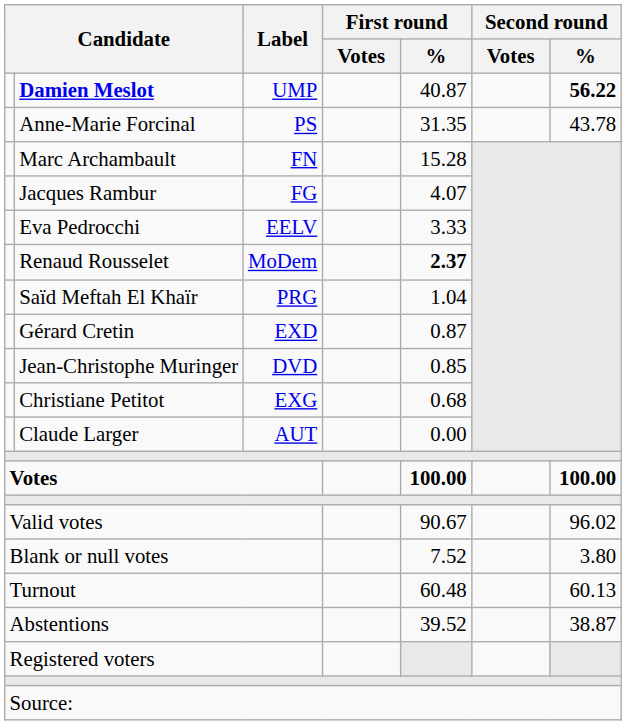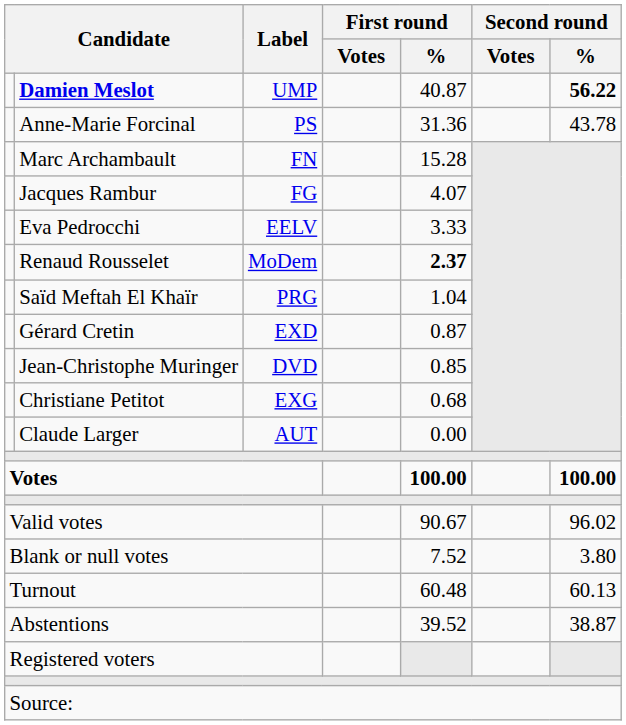 <table class="wikitable" style="text-align:right;font-size:95%;">
 <tr>
 <th rowspan="2" colspan="2">Candidate</th>
 <th rowspan="2">Label</th>
 <th colspan="2">First round</th>
 <th colspan="2">Second round</th>
 </tr>
 <tr>
 <th style="width:50px;">Votes</th>
 <th style="width:45px;">%</th>
 <th style="width:50px;">Votes</th>
 <th style="width:45px;">%</th>
 </tr>
 <tr>
 <td style="color:inherit;background:"></td>
 <td style="text-align:left;"><strong><a href='#'>Damien Meslot</a></strong></td>
 <td><a href='#'>UMP</a></td>
 <td></td>
 <td>40.87</td>
 <td><strong></strong></td>
 <td><strong>56.22</strong></td>
 </tr>
 <tr>
 <td style="color:inherit;background:"></td>
 <td style="text-align:left;">Anne-Marie Forcinal</td>
 <td><a href='#'>PS</a></td>
 <td></td>
-<td>31.35</td>
+<td>31.36</td>
 <td></td>
 <td>43.78</td>
 </tr>
 <tr>
 <td style="color:inherit;background:"></td>
 <td style="text-align:left;">Marc Archambault</td>
 <td><a href='#'>FN</a></td>
 <td></td>
 <td>15.28</td>
 <td colspan="2" rowspan="9" style="background:#E9E9E9;"></td>
 </tr>
 <tr>
 <td style="color:inherit;background:"></td>
 <td style="text-align:left;">Jacques Rambur</td>
 <td><a href='#'>FG</a></td>
 <td></td>
 <td>4.07</td>
 </tr>
 <tr>
 <td style="color:inherit;background:"></td>
 <td style="text-align:left;">Eva Pedrocchi</td>
 <td><a href='#'>EELV</a></td>
 <td></td>
 <td>3.33</td>
 </tr>
 <tr>
 <td style="color:inherit;background:"></td>
 <td style="text-align:left;">Renaud Rousselet</td>
 <td><a href='#'>MoDem</a></td>
 <td></td>
 <td><strong>2.37</strong></td>
 </tr>
 <tr>
 <td style="color:inherit;background:"></td>
 <td style="text-align:left;">Saïd Meftah El Khaïr</td>
 <td><a href='#'>PRG</a></td>
 <td></td>
 <td>1.04</td>
 </tr>
 <tr>
 <td style="color:inherit;background:"></td>
 <td style="text-align:left;">Gérard Cretin</td>
 <td><a href='#'>EXD</a></td>
 <td></td>
 <td>0.87</td>
 </tr>
 <tr>
 <td style="color:inherit;background:"></td>
 <td style="text-align:left;">Jean-Christophe Muringer</td>
 <td><a href='#'>DVD</a></td>
 <td></td>
 <td>0.85</td>
 </tr>
 <tr>
 <td style="color:inherit;background:"></td>
 <td style="text-align:left;">Christiane Petitot</td>
 <td><a href='#'>EXG</a></td>
 <td></td>
 <td>0.68</td>
 </tr>
 <tr>
 <td style="color:inherit;background:"></td>
 <td style="text-align:left;">Claude Larger</td>
 <td><a href='#'>AUT</a></td>
 <td></td>
 <td>0.00</td>
 </tr>
 <tr>
 <td colspan="7" style="background:#E9E9E9;"></td>
 </tr>
 <tr style="font-weight:bold;">
 <td colspan="3" style="text-align:left;">Votes</td>
 <td></td>
 <td>100.00</td>
 <td></td>
 <td>100.00</td>
 </tr>
 <tr>
 <td colspan="7" style="background:#E9E9E9;"></td>
 </tr>
 <tr>
 <td colspan="3" style="text-align:left;">Valid votes</td>
 <td></td>
 <td>90.67</td>
 <td></td>
 <td>96.02</td>
 </tr>
 <tr>
 <td colspan="3" style="text-align:left;">Blank or null votes</td>
 <td></td>
 <td>7.52</td>
 <td></td>
 <td>3.80</td>
 </tr>
 <tr>
 <td colspan="3" style="text-align:left;">Turnout</td>
 <td></td>
 <td>60.48</td>
 <td></td>
 <td>60.13</td>
 </tr>
 <tr>
 <td colspan="3" style="text-align:left;">Abstentions</td>
 <td></td>
 <td>39.52</td>
 <td></td>
 <td>38.87</td>
 </tr>
 <tr>
 <td colspan="3" style="text-align:left;">Registered voters</td>
 <td></td>
 <td style="background:#E9E9E9;"></td>
 <td></td>
 <td style="background:#E9E9E9;"></td>
 </tr>
 <tr>
 <td colspan="7" style="background:#E9E9E9;"></td>
 </tr>
 <tr>
 <td colspan="7" style="text-align:left;">Source: </td>
 </tr>
 </table>
